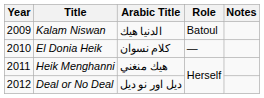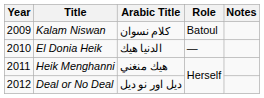 <table class="wikitable">
 <tr>
 <th>Year</th>
 <th>Title</th>
 <th>Arabic Title</th>
 <th>Role</th>
 <th>Notes</th>
 </tr>
 <tr>
 <td>2009</td>
 <td><em>Kalam Niswan</em></td>
-<td>الدنيا هيك</td>
+<td>كلام نسوان</td>
 <td>Batoul</td>
 <td></td>
 </tr>
 <tr>
 <td>2010</td>
 <td><em>El Donia Heik</em></td>
-<td>كلام نسوان</td>
+<td>الدنيا هيك</td>
 <td>—</td>
 <td></td>
 </tr>
 <tr>
 <td>2011</td>
 <td><em>Heik Menghanni</em></td>
 <td>هيك منغني</td>
 <td rowspan="2">Herself</td>
 <td></td>
 </tr>
 <tr>
 <td>2012</td>
 <td><em>Deal or No Deal</em></td>
 <td>ديل اور نو ديل</td>
 <td></td>
 </tr>
 </table>
